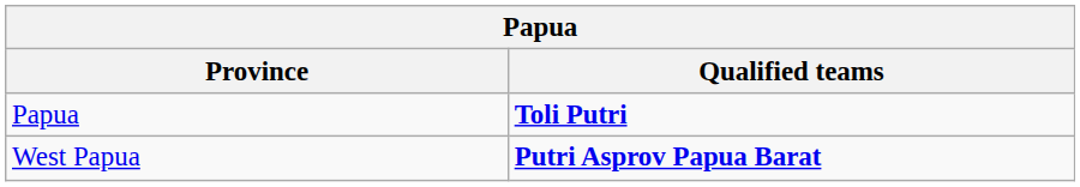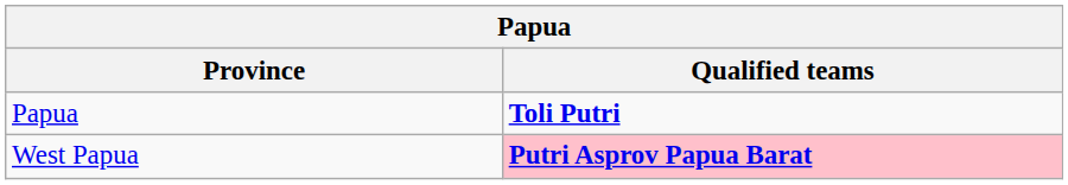 <table class="wikitable sortable" style="width:100%;">
 <tr>
 <th colspan="2"><strong>Papua</strong></th>
 </tr>
 <tr>
 <th style="width:47%;">Province</th>
 <th style="width:53%;">Qualified teams</th>
 </tr>
 <tr>
 <td> <a href='#'>Papua</a></td>
 <td><strong><a href='#'>Toli Putri</a></strong></td>
 </tr>
 <tr>
 <td> <a href='#'>West Papua</a></td>
-<td><strong><a href='#'>Putri Asprov Papua Barat</a></strong></td>
+<td style="background: pink;"><strong><a href='#'>Putri Asprov Papua Barat</a></strong></td>
 </tr>
 </table>
